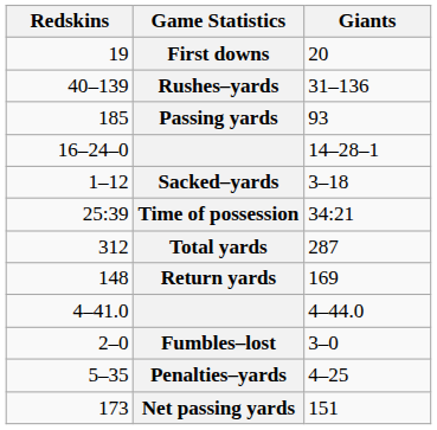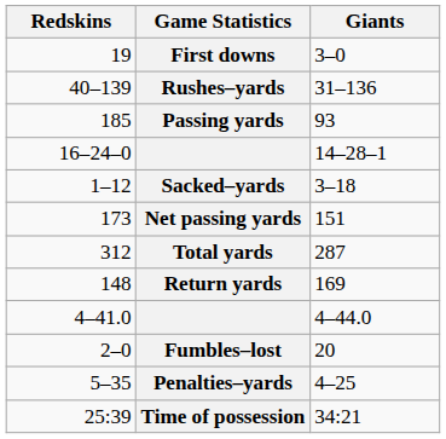 <table class="wikitable" style="margin: 1em auto 1em auto">
 <tr>
 <th style="width:30%;">Redskins</th>
 <th style="width:40%;">Game Statistics</th>
 <th style="width:30%;">Giants</th>
 </tr>
 <tr>
 <td style="text-align:right;">19</td>
 <th>First downs</th>
-<td>20</td>
+<td>3–0</td>
 </tr>
 <tr>
 <td style="text-align:right;">40–139</td>
 <th>Rushes–yards</th>
 <td>31–136</td>
 </tr>
 <tr>
 <td style="text-align:right;">185</td>
 <th>Passing yards</th>
 <td>93</td>
 </tr>
 <tr>
 <td style="text-align:right;">16–24–0</td>
 <th></th>
 <td>14–28–1</td>
 </tr>
 <tr>
 <td style="text-align:right;">1–12</td>
 <th>Sacked–yards</th>
 <td>3–18</td>
 </tr>
 <tr>
-<td style="text-align:right;">25:39</td>
-<th>Time of possession</th>
-<td>34:21</td>
+<td style="text-align:right;">173</td>
+<th>Net passing yards</th>
+<td>151</td>
 </tr>
 <tr>
 <td style="text-align:right;">312</td>
 <th>Total yards</th>
 <td>287</td>
 </tr>
 <tr>
 <td style="text-align:right;">148</td>
 <th>Return yards</th>
 <td>169</td>
 </tr>
 <tr>
 <td style="text-align:right;">4–41.0</td>
 <th></th>
 <td>4–44.0</td>
 </tr>
 <tr>
 <td style="text-align:right;">2–0</td>
 <th>Fumbles–lost</th>
-<td>3–0</td>
+<td>20</td>
 </tr>
 <tr>
 <td style="text-align:right;">5–35</td>
 <th>Penalties–yards</th>
 <td>4–25</td>
 </tr>
 <tr>
-<td style="text-align:right;">173</td>
-<th>Net passing yards</th>
-<td>151</td>
+<td style="text-align:right;">25:39</td>
+<th>Time of possession</th>
+<td>34:21</td>
 </tr>
 </table>
